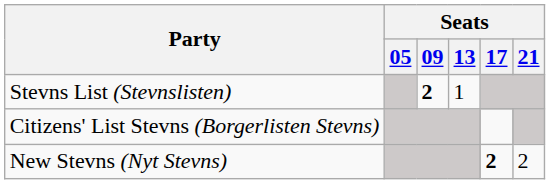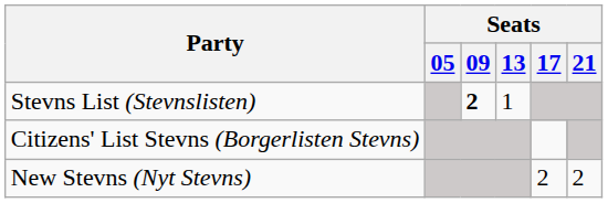 <table class="wikitable">
 <tr>
 <th rowspan=2>Party</th>
 <th colspan=11>Seats</th>
 </tr>
 <tr>
 <th><a href='#'>05</a></th>
 <th><a href='#'>09</a></th>
 <th><a href='#'>13</a></th>
 <th><a href='#'>17</a></th>
 <th><a href='#'>21</a></th>
 </tr>
 <tr>
 <td>Stevns List <em>(Stevnslisten)</em></td>
 <td style="background:#CDC9C9;"></td>
 <td><strong>2</strong></td>
 <td>1</td>
 <td style="background:#CDC9C9;" colspan=2></td>
 </tr>
 <tr>
 <td>Citizens' List Stevns <em>(Borgerlisten Stevns)</em></td>
 <td style="background:#CDC9C9;" colspan=3></td>
 <td></td>
 <td style="background:#CDC9C9;"></td>
 </tr>
 <tr>
 <td>New Stevns <em>(Nyt Stevns)</em></td>
 <td style="background:#CDC9C9;" colspan=3></td>
-<td><strong>2</strong></td>
+<td>2</td>
 <td>2</td>
 </tr>
 </table>
